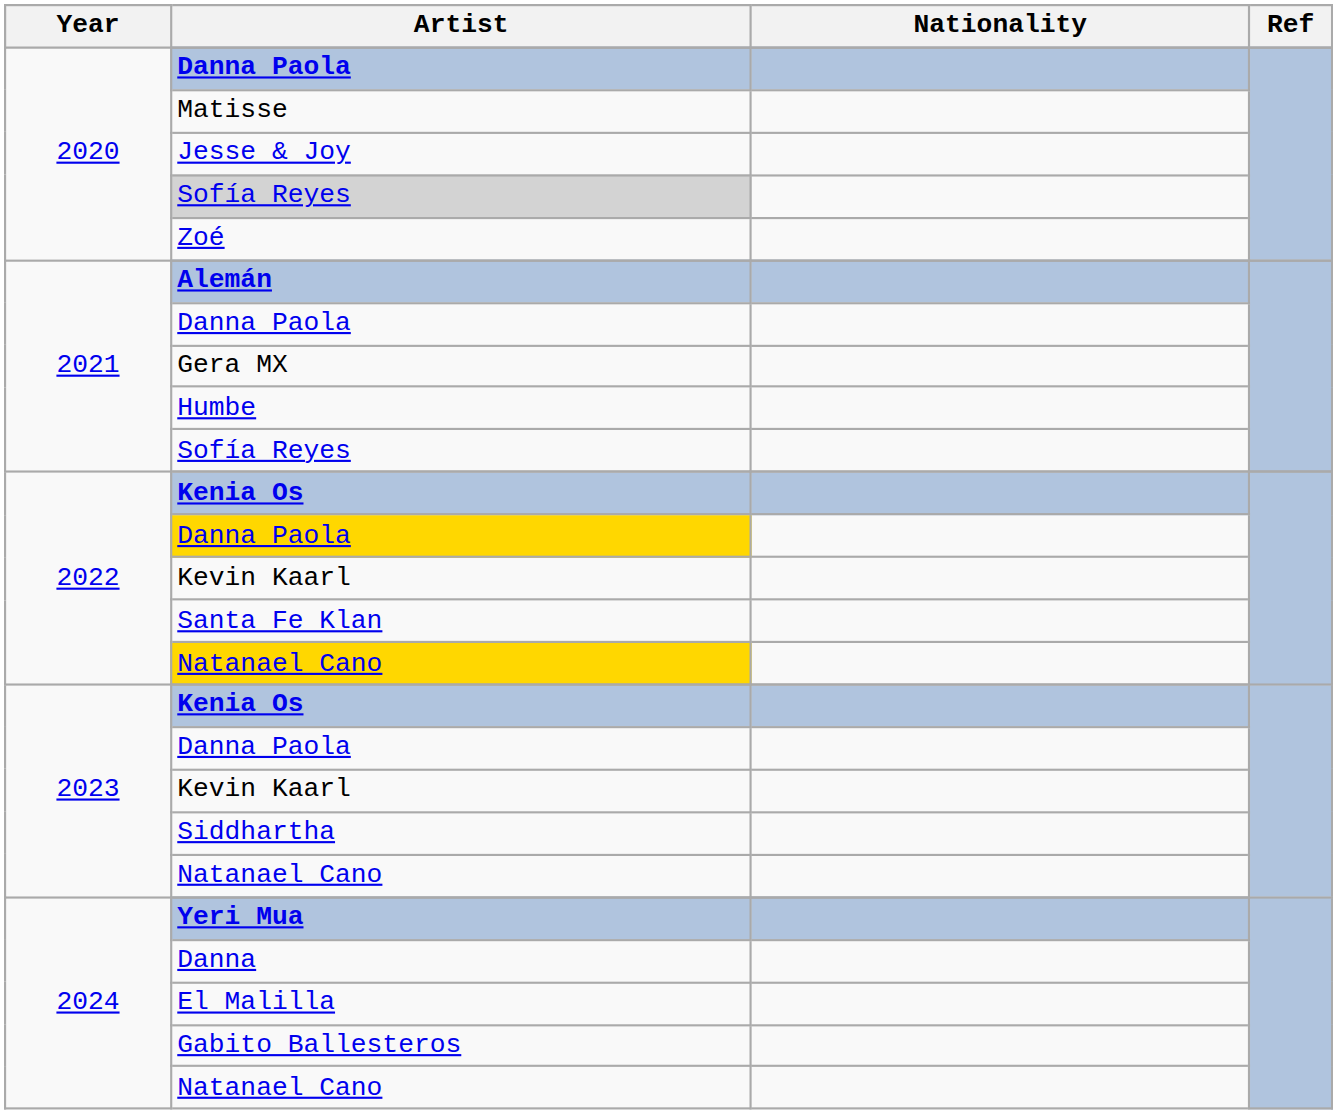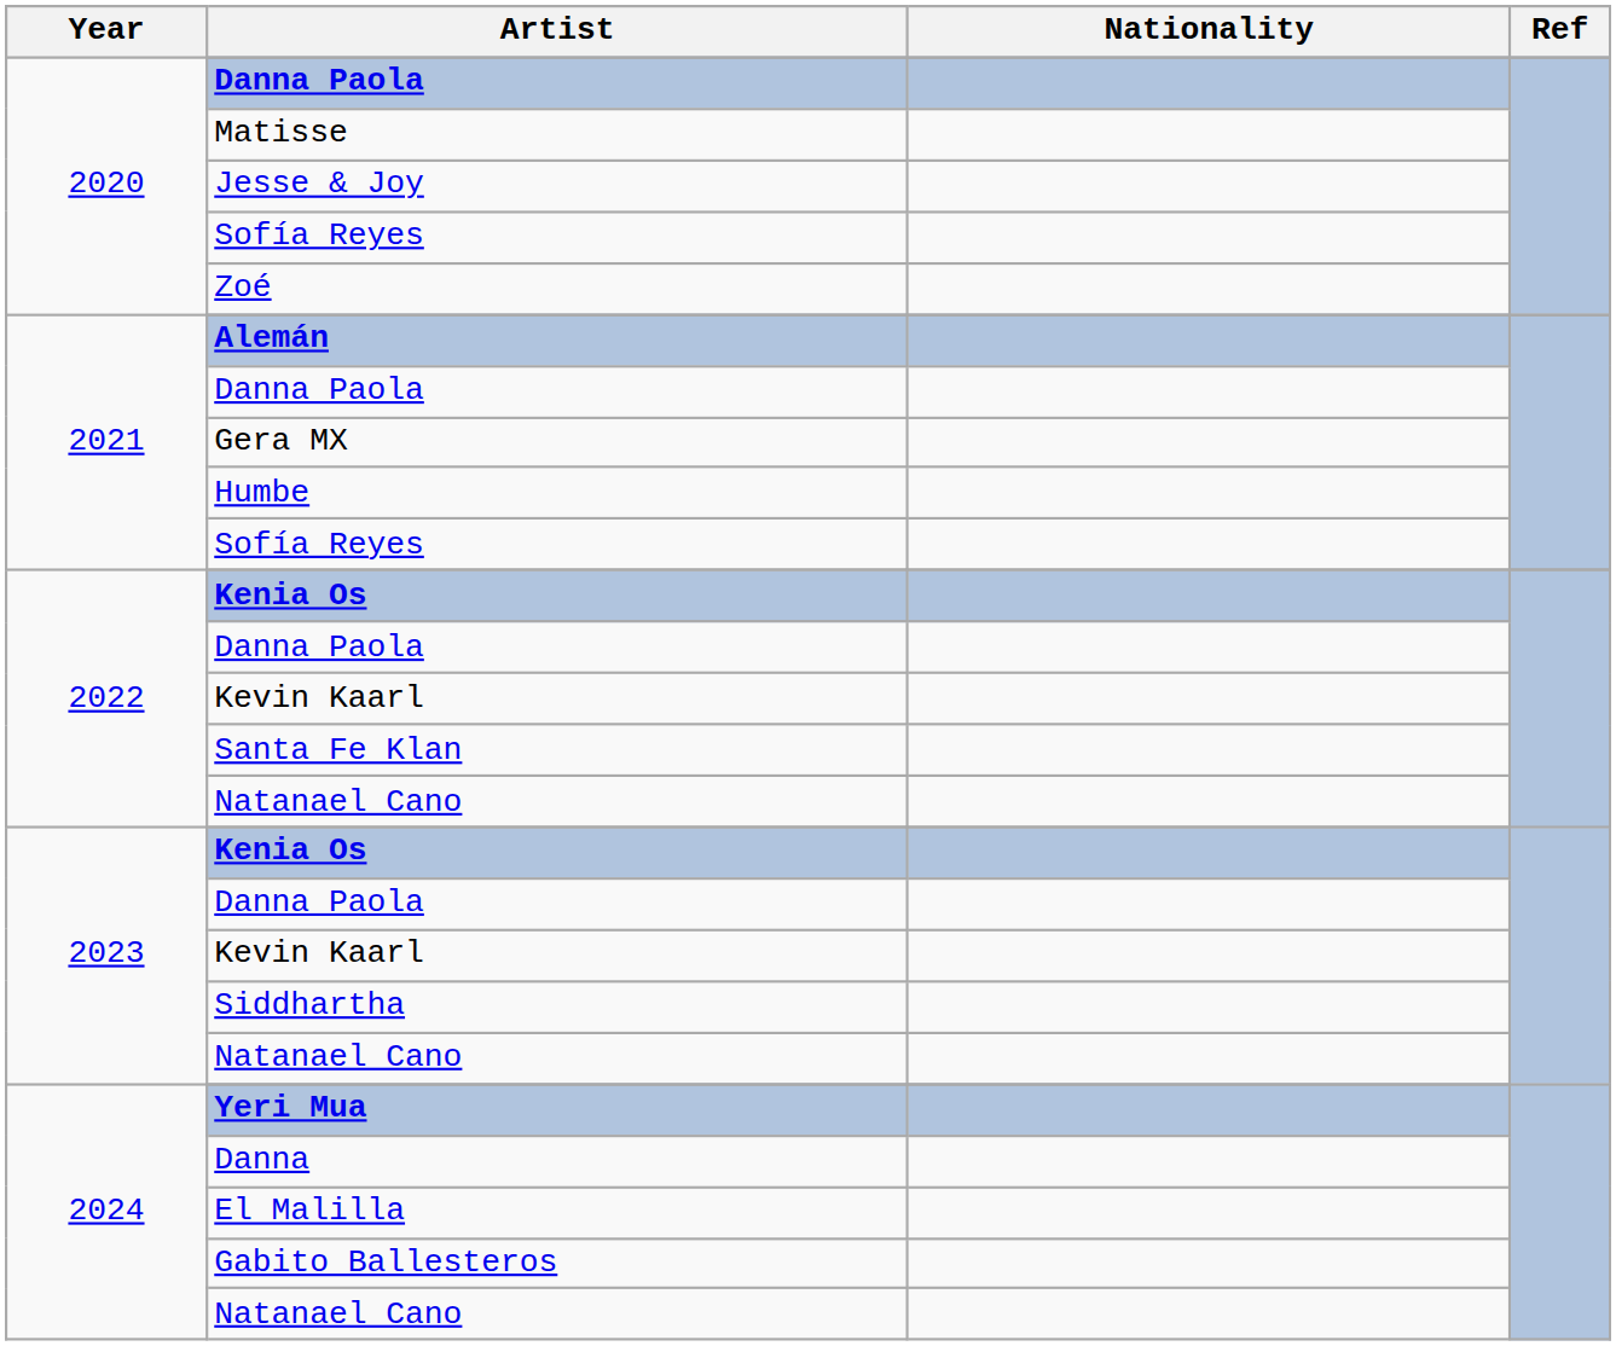 <table class="wikitable sortable plainrowheaders" style="font-size:95%; width:100%;">
 <tr style="background:#bebebe;">
 <th style="width:10%;">Year</th>
 <th style="width:35%;">Artist</th>
 <th style="width:30%;">Nationality</th>
 <th style="width:5%;">Ref</th>
 </tr>
 <tr>
 <td rowspan="6" align="center"><a href='#'>2020</a></td>
 </tr>
 <tr style="background:#B0C4DE">
 <td><strong><a href='#'>Danna Paola</a></strong></td>
 <td><strong></strong></td>
 <td rowspan="5" align="center"></td>
 </tr>
 <tr>
 <td>Matisse</td>
 <td></td>
 </tr>
 <tr>
 <td><a href='#'>Jesse & Joy</a></td>
 <td></td>
 </tr>
 <tr>
-<td style="background: lightgrey;"><a href='#'>Sofía Reyes</a></td>
+<td><a href='#'>Sofía Reyes</a></td>
 <td></td>
 </tr>
 <tr>
 <td><a href='#'>Zoé</a></td>
 <td></td>
 </tr>
 <tr>
 <td rowspan="6" align="center"><a href='#'>2021</a></td>
 </tr>
 <tr style="background:#B0C4DE">
 <td><strong><a href='#'>Alemán</a></strong></td>
 <td><strong></strong></td>
 <td rowspan="5" align="center"></td>
 </tr>
 <tr>
 <td><a href='#'>Danna Paola</a></td>
 <td></td>
 </tr>
 <tr>
 <td>Gera MX</td>
 <td></td>
 </tr>
 <tr>
 <td><a href='#'>Humbe</a></td>
 <td></td>
 </tr>
 <tr>
 <td><a href='#'>Sofía Reyes</a></td>
 <td></td>
 </tr>
 <tr>
 <td rowspan="6" align="center"><a href='#'>2022</a></td>
 </tr>
 <tr style="background:#B0C4DE">
 <td><strong><a href='#'>Kenia Os</a></strong></td>
 <td><strong></strong></td>
 <td rowspan="6" align="center"></td>
 </tr>
 <tr>
-<td style="background: gold;"><a href='#'>Danna Paola</a></td>
+<td><a href='#'>Danna Paola</a></td>
 <td></td>
 </tr>
 <tr>
 <td>Kevin Kaarl</td>
 <td></td>
 </tr>
 <tr>
 <td><a href='#'>Santa Fe Klan</a></td>
 <td></td>
 </tr>
 <tr>
-<td style="background: gold;"><a href='#'>Natanael Cano</a></td>
+<td><a href='#'>Natanael Cano</a></td>
 <td></td>
 </tr>
 <tr>
 <td rowspan="6" align="center"><a href='#'>2023</a></td>
 </tr>
 <tr style="background:#B0C4DE">
 <td><strong><a href='#'>Kenia Os</a></strong></td>
 <td><strong></strong></td>
 <td rowspan="6" align="center"></td>
 </tr>
 <tr>
 <td><a href='#'>Danna Paola</a></td>
 <td></td>
 </tr>
 <tr>
 <td>Kevin Kaarl</td>
 <td></td>
 </tr>
 <tr>
 <td><a href='#'>Siddhartha</a></td>
 <td></td>
 </tr>
 <tr>
 <td><a href='#'>Natanael Cano</a></td>
 <td></td>
 </tr>
 <tr>
 <td rowspan="6" align="center"><a href='#'>2024</a></td>
 </tr>
 <tr style="background:#B0C4DE">
 <td><strong><a href='#'>Yeri Mua</a></strong></td>
 <td><strong></strong></td>
 <td rowspan="6" align="center"></td>
 </tr>
 <tr>
 <td><a href='#'>Danna</a></td>
 <td></td>
 </tr>
 <tr>
 <td><a href='#'>El Malilla</a></td>
 <td></td>
 </tr>
 <tr>
 <td><a href='#'>Gabito Ballesteros</a></td>
 <td></td>
 </tr>
 <tr>
 <td><a href='#'>Natanael Cano</a></td>
 <td></td>
 </tr>
 </table>
